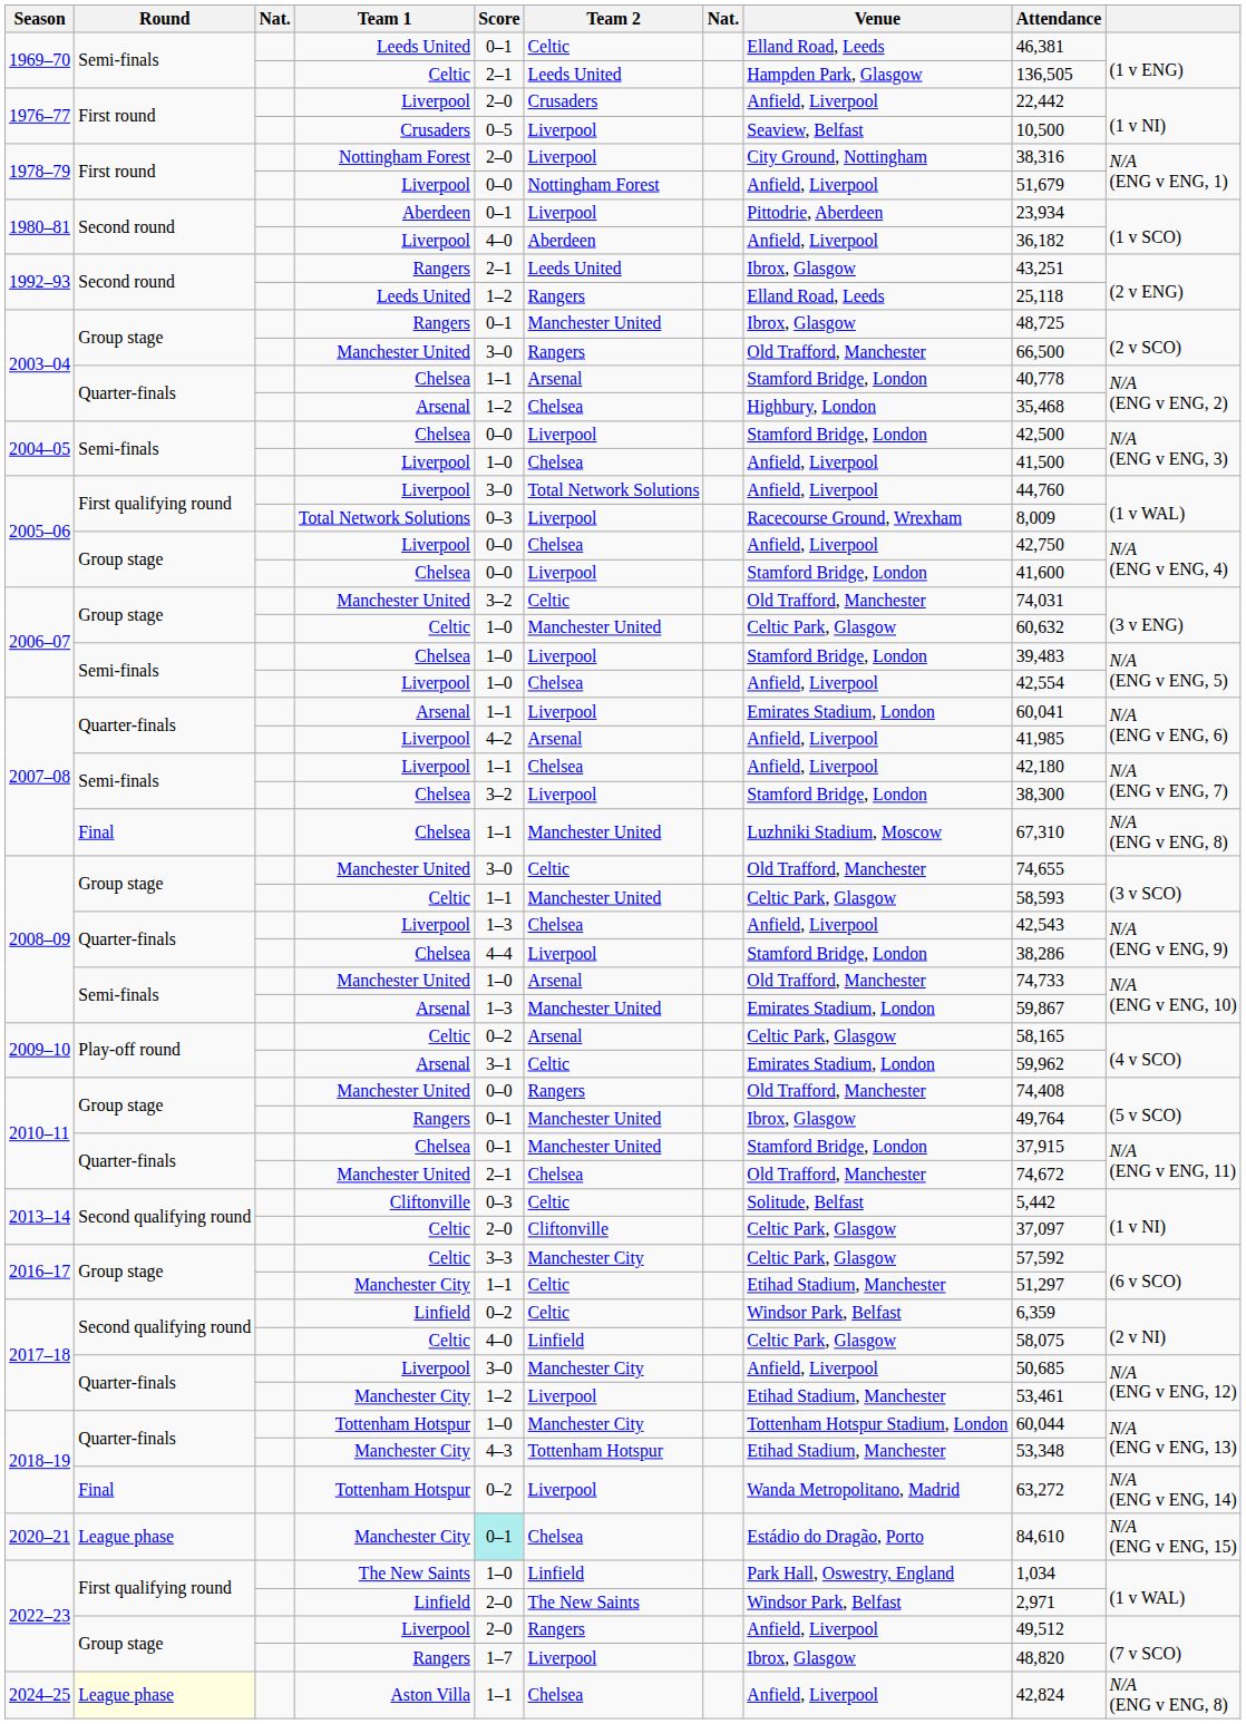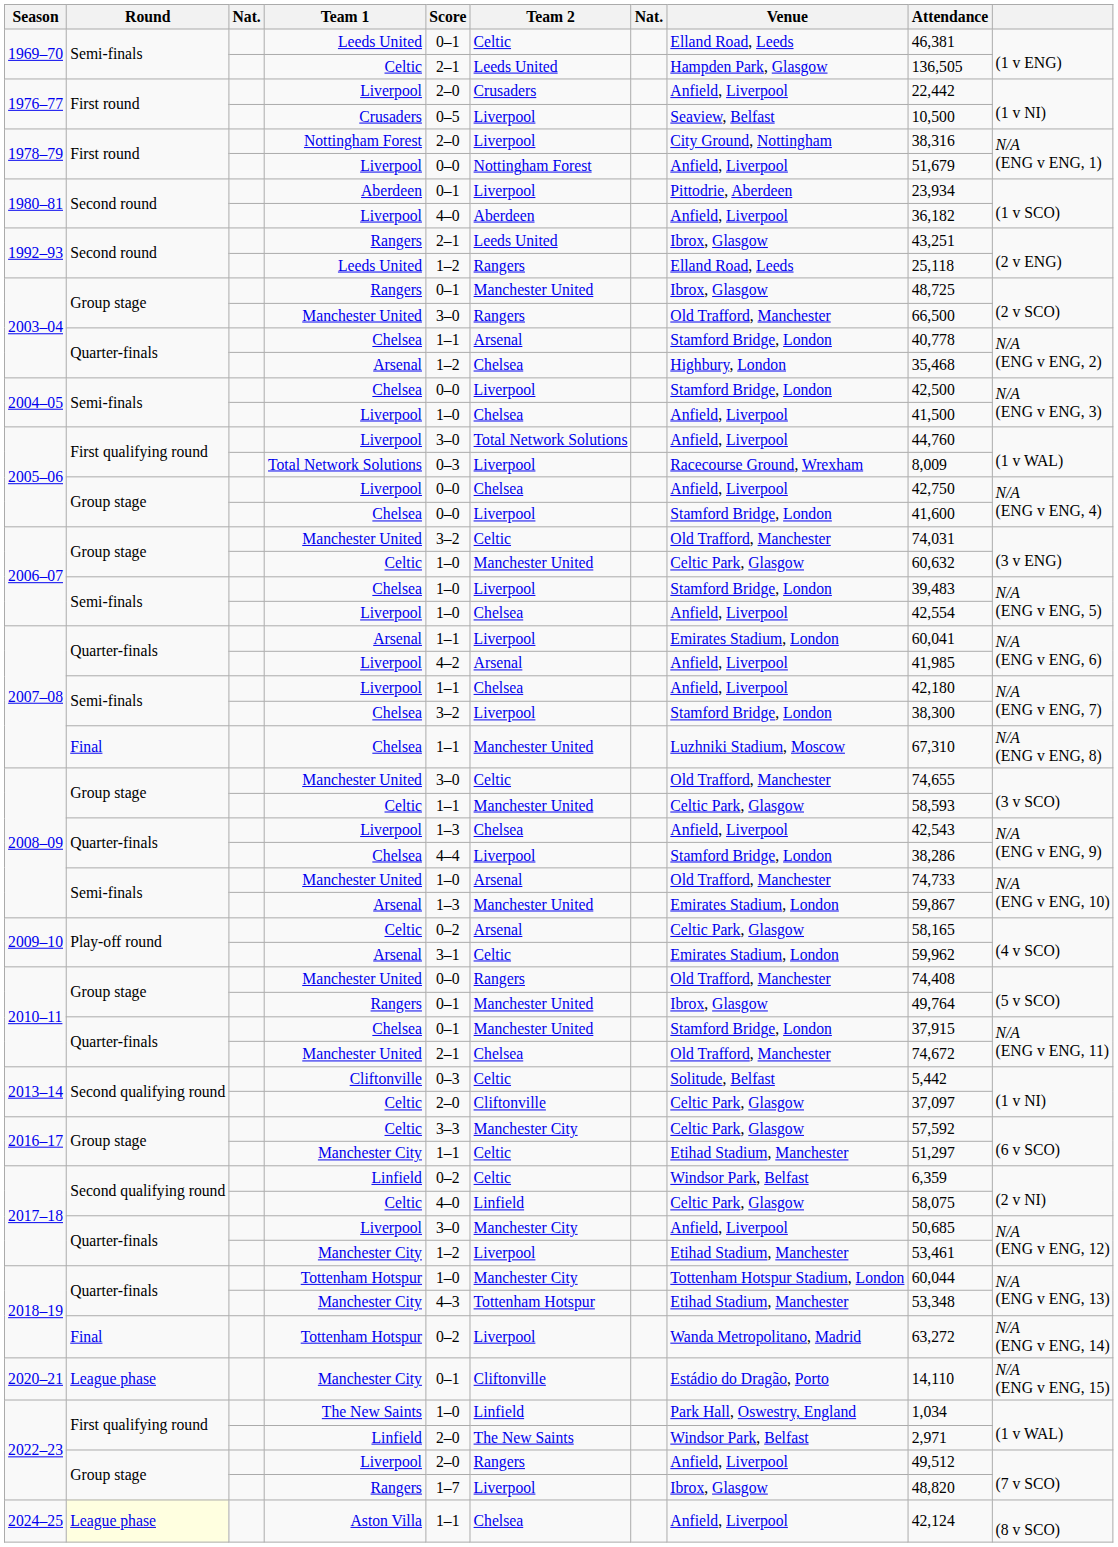 <table class="wikitable sortable">
 <tr>
 <th>Season</th>
 <th>Round</th>
 <th>Nat.</th>
 <th>Team 1</th>
 <th>Score</th>
 <th>Team 2</th>
 <th>Nat.</th>
 <th>Venue</th>
 <th>Attendance</th>
 <th></th>
 </tr>
 <tr>
 <td rowspan=2><a href='#'>1969–70</a></td>
 <td rowspan=2>Semi-finals</td>
 <td align=center></td>
 <td align="right"><a href='#'>Leeds United</a></td>
 <td style="text-align:center;">0–1</td>
 <td><a href='#'>Celtic</a></td>
 <td align=center></td>
 <td><a href='#'>Elland Road</a>, <a href='#'>Leeds</a></td>
 <td>46,381</td>
 <td rowspan=2><br>(1 v ENG)</td>
 </tr>
 <tr>
 <td align=center></td>
 <td align="right"><a href='#'>Celtic</a></td>
 <td style="text-align:center;">2–1</td>
 <td><a href='#'>Leeds United</a></td>
 <td align=center></td>
 <td><a href='#'>Hampden Park</a>, <a href='#'>Glasgow</a></td>
 <td>136,505</td>
 </tr>
 <tr>
 <td rowspan=2><a href='#'>1976–77</a></td>
 <td rowspan=2>First round</td>
 <td align=center></td>
 <td align="right"><a href='#'>Liverpool</a></td>
 <td style="text-align:center;">2–0</td>
 <td><a href='#'>Crusaders</a></td>
 <td align=center></td>
 <td><a href='#'>Anfield</a>, <a href='#'>Liverpool</a></td>
 <td>22,442</td>
 <td rowspan=2><br>(1 v NI)</td>
 </tr>
 <tr>
 <td align=center></td>
 <td align="right"><a href='#'>Crusaders</a></td>
 <td style="text-align:center;">0–5</td>
 <td><a href='#'>Liverpool</a></td>
 <td align=center></td>
 <td><a href='#'>Seaview</a>, <a href='#'>Belfast</a></td>
 <td>10,500</td>
 </tr>
 <tr>
 <td rowspan=2><a href='#'>1978–79</a></td>
 <td rowspan=2>First round</td>
 <td align=center></td>
 <td align="right"><a href='#'>Nottingham Forest</a></td>
 <td style="text-align:center;">2–0</td>
 <td><a href='#'>Liverpool</a></td>
 <td align=center></td>
 <td><a href='#'>City Ground</a>, <a href='#'>Nottingham</a></td>
 <td>38,316</td>
 <td rowspan=2><em>N/A</em><br>(ENG v ENG, 1)</td>
 </tr>
 <tr>
 <td align=center></td>
 <td align="right"><a href='#'>Liverpool</a></td>
 <td style="text-align:center;">0–0</td>
 <td><a href='#'>Nottingham Forest</a></td>
 <td align=center></td>
 <td><a href='#'>Anfield</a>, <a href='#'>Liverpool</a></td>
 <td>51,679</td>
 </tr>
 <tr>
 <td rowspan=2><a href='#'>1980–81</a></td>
 <td rowspan=2>Second round</td>
 <td align=center></td>
 <td align="right"><a href='#'>Aberdeen</a></td>
 <td style="text-align:center;">0–1</td>
 <td><a href='#'>Liverpool</a></td>
 <td align=center></td>
 <td><a href='#'>Pittodrie</a>, <a href='#'>Aberdeen</a></td>
 <td>23,934</td>
 <td rowspan=2><br>(1 v SCO)</td>
 </tr>
 <tr>
 <td align=center></td>
 <td align="right"><a href='#'>Liverpool</a></td>
 <td style="text-align:center;">4–0</td>
 <td><a href='#'>Aberdeen</a></td>
 <td align=center></td>
 <td><a href='#'>Anfield</a>, <a href='#'>Liverpool</a></td>
 <td>36,182</td>
 </tr>
 <tr>
 <td rowspan=2><a href='#'>1992–93</a></td>
 <td rowspan=2>Second round</td>
 <td align=center></td>
 <td align="right"><a href='#'>Rangers</a></td>
 <td style="text-align:center;">2–1</td>
 <td><a href='#'>Leeds United</a></td>
 <td align=center></td>
 <td><a href='#'>Ibrox</a>, <a href='#'>Glasgow</a></td>
 <td>43,251</td>
 <td rowspan=2><br>(2 v ENG)</td>
 </tr>
 <tr>
 <td align=center></td>
 <td align="right"><a href='#'>Leeds United</a></td>
 <td style="text-align:center;">1–2</td>
 <td><a href='#'>Rangers</a></td>
 <td align=center></td>
 <td><a href='#'>Elland Road</a>, <a href='#'>Leeds</a></td>
 <td>25,118</td>
 </tr>
 <tr>
 <td rowspan=4><a href='#'>2003–04</a></td>
 <td rowspan=2>Group stage</td>
 <td align=center></td>
 <td align="right"><a href='#'>Rangers</a></td>
 <td style="text-align:center;">0–1</td>
 <td><a href='#'>Manchester United</a></td>
 <td align=center></td>
 <td><a href='#'>Ibrox</a>, <a href='#'>Glasgow</a></td>
 <td>48,725</td>
 <td rowspan=2><br>(2 v SCO)</td>
 </tr>
 <tr>
 <td align=center></td>
 <td align="right"><a href='#'>Manchester United</a></td>
 <td style="text-align:center;">3–0</td>
 <td><a href='#'>Rangers</a></td>
 <td align=center></td>
 <td><a href='#'>Old Trafford</a>, <a href='#'>Manchester</a></td>
 <td>66,500</td>
 </tr>
 <tr>
 <td rowspan=2>Quarter-finals</td>
 <td align=center></td>
 <td align="right"><a href='#'>Chelsea</a></td>
 <td style="text-align:center;">1–1</td>
 <td><a href='#'>Arsenal</a></td>
 <td align=center></td>
 <td><a href='#'>Stamford Bridge</a>, <a href='#'>London</a></td>
 <td>40,778</td>
 <td rowspan=2><em>N/A</em><br>(ENG v ENG, 2)</td>
 </tr>
 <tr>
 <td align=center></td>
 <td align="right"><a href='#'>Arsenal</a></td>
 <td style="text-align:center;">1–2</td>
 <td><a href='#'>Chelsea</a></td>
 <td align=center></td>
 <td><a href='#'>Highbury</a>, <a href='#'>London</a></td>
 <td>35,468</td>
 </tr>
 <tr>
 <td rowspan=2><a href='#'>2004–05</a></td>
 <td rowspan=2>Semi-finals</td>
 <td align=center></td>
 <td align="right"><a href='#'>Chelsea</a></td>
 <td style="text-align:center;">0–0</td>
 <td><a href='#'>Liverpool</a></td>
 <td align=center></td>
 <td><a href='#'>Stamford Bridge</a>, <a href='#'>London</a></td>
 <td>42,500</td>
 <td rowspan=2><em>N/A</em><br>(ENG v ENG, 3)</td>
 </tr>
 <tr>
 <td align=center></td>
 <td align="right"><a href='#'>Liverpool</a></td>
 <td style="text-align:center;">1–0</td>
 <td><a href='#'>Chelsea</a></td>
 <td align=center></td>
 <td><a href='#'>Anfield</a>, <a href='#'>Liverpool</a></td>
 <td>41,500</td>
 </tr>
 <tr>
 <td rowspan=4><a href='#'>2005–06</a></td>
 <td rowspan=2>First qualifying round</td>
 <td align=center></td>
 <td align="right"><a href='#'>Liverpool</a></td>
 <td style="text-align:center;">3–0</td>
 <td><a href='#'>Total Network Solutions</a></td>
 <td align=center></td>
 <td><a href='#'>Anfield</a>, <a href='#'>Liverpool</a></td>
 <td>44,760</td>
 <td rowspan=2><br>(1 v WAL)</td>
 </tr>
 <tr>
 <td align=center></td>
 <td align="right"><a href='#'>Total Network Solutions</a></td>
 <td style="text-align:center;">0–3</td>
 <td><a href='#'>Liverpool</a></td>
 <td align=center></td>
 <td><a href='#'>Racecourse Ground</a>, <a href='#'>Wrexham</a></td>
 <td>8,009</td>
 </tr>
 <tr>
 <td rowspan=2>Group stage</td>
 <td align=center></td>
 <td align="right"><a href='#'>Liverpool</a></td>
 <td style="text-align:center;">0–0</td>
 <td><a href='#'>Chelsea</a></td>
 <td align=center></td>
 <td><a href='#'>Anfield</a>, <a href='#'>Liverpool</a></td>
 <td>42,750</td>
 <td rowspan=2><em>N/A</em><br>(ENG v ENG, 4)</td>
 </tr>
 <tr>
 <td align=center></td>
 <td align="right"><a href='#'>Chelsea</a></td>
 <td style="text-align:center;">0–0</td>
 <td><a href='#'>Liverpool</a></td>
 <td align=center></td>
 <td><a href='#'>Stamford Bridge</a>, <a href='#'>London</a></td>
 <td>41,600</td>
 </tr>
 <tr>
 <td rowspan=4><a href='#'>2006–07</a></td>
 <td rowspan=2>Group stage</td>
 <td align=center></td>
 <td align="right"><a href='#'>Manchester United</a></td>
 <td style="text-align:center;">3–2</td>
 <td><a href='#'>Celtic</a></td>
 <td align=center></td>
 <td><a href='#'>Old Trafford</a>, <a href='#'>Manchester</a></td>
 <td>74,031</td>
 <td rowspan=2><br>(3 v ENG)</td>
 </tr>
 <tr>
 <td align=center></td>
 <td align="right"><a href='#'>Celtic</a></td>
 <td style="text-align:center;">1–0</td>
 <td><a href='#'>Manchester United</a></td>
 <td align=center></td>
 <td><a href='#'>Celtic Park</a>, <a href='#'>Glasgow</a></td>
 <td>60,632</td>
 </tr>
 <tr>
 <td rowspan=2>Semi-finals</td>
 <td align=center></td>
 <td align="right"><a href='#'>Chelsea</a></td>
 <td style="text-align:center;">1–0</td>
 <td><a href='#'>Liverpool</a></td>
 <td align=center></td>
 <td><a href='#'>Stamford Bridge</a>, <a href='#'>London</a></td>
 <td>39,483</td>
 <td rowspan=2><em>N/A</em><br>(ENG v ENG, 5)</td>
 </tr>
 <tr>
 <td align=center></td>
 <td align="right"><a href='#'>Liverpool</a></td>
 <td style="text-align:center;">1–0<br><small></small></td>
 <td><a href='#'>Chelsea</a></td>
 <td align=center></td>
 <td><a href='#'>Anfield</a>, <a href='#'>Liverpool</a></td>
 <td>42,554</td>
 </tr>
 <tr>
 <td rowspan=5><a href='#'>2007–08</a></td>
 <td rowspan=2>Quarter-finals</td>
 <td align=center></td>
 <td align="right"><a href='#'>Arsenal</a></td>
 <td style="text-align:center;">1–1</td>
 <td><a href='#'>Liverpool</a></td>
 <td align=center></td>
 <td><a href='#'>Emirates Stadium</a>, <a href='#'>London</a></td>
 <td>60,041</td>
 <td rowspan=2><em>N/A</em><br>(ENG v ENG, 6)</td>
 </tr>
 <tr>
 <td align=center></td>
 <td align="right"><a href='#'>Liverpool</a></td>
 <td style="text-align:center;">4–2</td>
 <td><a href='#'>Arsenal</a></td>
 <td align=center></td>
 <td><a href='#'>Anfield</a>, <a href='#'>Liverpool</a></td>
 <td>41,985</td>
 </tr>
 <tr>
 <td rowspan=2>Semi-finals</td>
 <td align=center></td>
 <td align="right"><a href='#'>Liverpool</a></td>
 <td style="text-align:center;">1–1</td>
 <td><a href='#'>Chelsea</a></td>
 <td align=center></td>
 <td><a href='#'>Anfield</a>, <a href='#'>Liverpool</a></td>
 <td>42,180</td>
 <td rowspan=2><em>N/A</em><br>(ENG v ENG, 7)</td>
 </tr>
 <tr>
 <td align=center></td>
 <td align="right"><a href='#'>Chelsea</a></td>
 <td style="text-align:center;">3–2</td>
 <td><a href='#'>Liverpool</a></td>
 <td align=center></td>
 <td><a href='#'>Stamford Bridge</a>, <a href='#'>London</a></td>
 <td>38,300</td>
 </tr>
 <tr>
 <td><a href='#'>Final</a></td>
 <td align=center></td>
 <td align="right"><a href='#'>Chelsea</a></td>
 <td style="text-align:center;">1–1<br><small></small></td>
 <td><a href='#'>Manchester United</a></td>
 <td align=center></td>
 <td><a href='#'>Luzhniki Stadium</a>, <a href='#'>Moscow</a></td>
 <td>67,310</td>
 <td><em>N/A</em><br>(ENG v ENG, 8)</td>
 </tr>
 <tr>
 <td rowspan=6><a href='#'>2008–09</a></td>
 <td rowspan=2>Group stage</td>
 <td align=center></td>
 <td align="right"><a href='#'>Manchester United</a></td>
 <td style="text-align:center;">3–0</td>
 <td><a href='#'>Celtic</a></td>
 <td align=center></td>
 <td><a href='#'>Old Trafford</a>, <a href='#'>Manchester</a></td>
 <td>74,655</td>
 <td rowspan=2><br>(3 v SCO)</td>
 </tr>
 <tr>
 <td align=center></td>
 <td align="right"><a href='#'>Celtic</a></td>
 <td style="text-align:center;">1–1</td>
 <td><a href='#'>Manchester United</a></td>
 <td align=center></td>
 <td><a href='#'>Celtic Park</a>, <a href='#'>Glasgow</a></td>
 <td>58,593</td>
 </tr>
 <tr>
 <td rowspan=2>Quarter-finals</td>
 <td align=center></td>
 <td align="right"><a href='#'>Liverpool</a></td>
 <td style="text-align:center;">1–3</td>
 <td><a href='#'>Chelsea</a></td>
 <td align=center></td>
 <td><a href='#'>Anfield</a>, <a href='#'>Liverpool</a></td>
 <td>42,543</td>
 <td rowspan=2><em>N/A</em><br>(ENG v ENG, 9)</td>
 </tr>
 <tr>
 <td align=center></td>
 <td align="right"><a href='#'>Chelsea</a></td>
 <td style="text-align:center;">4–4</td>
 <td><a href='#'>Liverpool</a></td>
 <td align=center></td>
 <td><a href='#'>Stamford Bridge</a>, <a href='#'>London</a></td>
 <td>38,286</td>
 </tr>
 <tr>
 <td rowspan=2>Semi-finals</td>
 <td align=center></td>
 <td align="right"><a href='#'>Manchester United</a></td>
 <td style="text-align:center;">1–0</td>
 <td><a href='#'>Arsenal</a></td>
 <td align=center></td>
 <td><a href='#'>Old Trafford</a>, <a href='#'>Manchester</a></td>
 <td>74,733</td>
 <td rowspan=2><em>N/A</em><br>(ENG v ENG, 10)</td>
 </tr>
 <tr>
 <td align=center></td>
 <td align="right"><a href='#'>Arsenal</a></td>
 <td style="text-align:center;">1–3</td>
 <td><a href='#'>Manchester United</a></td>
 <td align=center></td>
 <td><a href='#'>Emirates Stadium</a>, <a href='#'>London</a></td>
 <td>59,867</td>
 </tr>
 <tr>
 <td rowspan=2><a href='#'>2009–10</a></td>
 <td rowspan=2>Play-off round</td>
 <td align=center></td>
 <td align="right"><a href='#'>Celtic</a></td>
 <td style="text-align:center;">0–2</td>
 <td><a href='#'>Arsenal</a></td>
 <td align=center></td>
 <td><a href='#'>Celtic Park</a>, <a href='#'>Glasgow</a></td>
 <td>58,165</td>
 <td rowspan=2><br>(4 v SCO)</td>
 </tr>
 <tr>
 <td align=center></td>
 <td align="right"><a href='#'>Arsenal</a></td>
 <td style="text-align:center;">3–1</td>
 <td><a href='#'>Celtic</a></td>
 <td align=center></td>
 <td><a href='#'>Emirates Stadium</a>, <a href='#'>London</a></td>
 <td>59,962</td>
 </tr>
 <tr>
 <td rowspan=4><a href='#'>2010–11</a></td>
 <td rowspan=2>Group stage</td>
 <td align=center></td>
 <td align="right"><a href='#'>Manchester United</a></td>
 <td style="text-align:center;">0–0</td>
 <td><a href='#'>Rangers</a></td>
 <td align=center></td>
 <td><a href='#'>Old Trafford</a>, <a href='#'>Manchester</a></td>
 <td>74,408</td>
 <td rowspan=2><br>(5 v SCO)</td>
 </tr>
 <tr>
 <td align=center></td>
 <td align="right"><a href='#'>Rangers</a></td>
 <td style="text-align:center;">0–1</td>
 <td><a href='#'>Manchester United</a></td>
 <td align=center></td>
 <td><a href='#'>Ibrox</a>, <a href='#'>Glasgow</a></td>
 <td>49,764</td>
 </tr>
 <tr>
 <td rowspan=2>Quarter-finals</td>
 <td align=center></td>
 <td align="right"><a href='#'>Chelsea</a></td>
 <td style="text-align:center;">0–1</td>
 <td><a href='#'>Manchester United</a></td>
 <td align=center></td>
 <td><a href='#'>Stamford Bridge</a>, <a href='#'>London</a></td>
 <td>37,915</td>
 <td rowspan=2><em>N/A</em><br>(ENG v ENG, 11)</td>
 </tr>
 <tr>
 <td align=center></td>
 <td align="right"><a href='#'>Manchester United</a></td>
 <td style="text-align:center;">2–1</td>
 <td><a href='#'>Chelsea</a></td>
 <td align=center></td>
 <td><a href='#'>Old Trafford</a>, <a href='#'>Manchester</a></td>
 <td>74,672</td>
 </tr>
 <tr>
 <td rowspan=2><a href='#'>2013–14</a></td>
 <td rowspan=2>Second qualifying round</td>
 <td align=center></td>
 <td align="right"><a href='#'>Cliftonville</a></td>
 <td style="text-align:center;">0–3</td>
 <td><a href='#'>Celtic</a></td>
 <td align=center></td>
 <td><a href='#'>Solitude</a>, <a href='#'>Belfast</a></td>
 <td>5,442</td>
 <td rowspan=2> <br>(1 v NI)</td>
 </tr>
 <tr>
 <td align=center></td>
 <td align="right"><a href='#'>Celtic</a></td>
 <td style="text-align:center;">2–0</td>
 <td><a href='#'>Cliftonville</a></td>
 <td align=center></td>
 <td><a href='#'>Celtic Park</a>, <a href='#'>Glasgow</a></td>
 <td>37,097</td>
 </tr>
 <tr>
 <td rowspan=2><a href='#'>2016–17</a></td>
 <td rowspan=2>Group stage</td>
 <td align=center></td>
 <td align="right"><a href='#'>Celtic</a></td>
 <td style="text-align:center;">3–3</td>
 <td><a href='#'>Manchester City</a></td>
 <td align=center></td>
 <td><a href='#'>Celtic Park</a>, <a href='#'>Glasgow</a></td>
 <td>57,592</td>
 <td rowspan=2><br>(6 v SCO)</td>
 </tr>
 <tr>
 <td align=center></td>
 <td align="right"><a href='#'>Manchester City</a></td>
 <td style="text-align:center;">1–1</td>
 <td><a href='#'>Celtic</a></td>
 <td align=center></td>
 <td><a href='#'>Etihad Stadium</a>, <a href='#'>Manchester</a></td>
 <td>51,297</td>
 </tr>
 <tr>
 <td rowspan=4><a href='#'>2017–18</a></td>
 <td rowspan=2>Second qualifying round</td>
 <td align=center></td>
 <td align="right"><a href='#'>Linfield</a></td>
 <td style="text-align:center;">0–2</td>
 <td><a href='#'>Celtic</a></td>
 <td align=center></td>
 <td><a href='#'>Windsor Park</a>, <a href='#'>Belfast</a></td>
 <td>6,359</td>
 <td rowspan=2> <br>(2 v NI)</td>
 </tr>
 <tr>
 <td align=center></td>
 <td align="right"><a href='#'>Celtic</a></td>
 <td style="text-align:center;">4–0</td>
 <td><a href='#'>Linfield</a></td>
 <td align=center></td>
 <td><a href='#'>Celtic Park</a>, <a href='#'>Glasgow</a></td>
 <td>58,075</td>
 </tr>
 <tr>
 <td rowspan=2>Quarter-finals</td>
 <td align=center></td>
 <td align="right"><a href='#'>Liverpool</a></td>
 <td style="text-align:center;">3–0</td>
 <td><a href='#'>Manchester City</a></td>
 <td align=center></td>
 <td><a href='#'>Anfield</a>, <a href='#'>Liverpool</a></td>
 <td>50,685</td>
 <td rowspan=2><em>N/A</em><br>(ENG v ENG, 12)</td>
 </tr>
 <tr>
 <td align=center></td>
 <td align="right"><a href='#'>Manchester City</a></td>
 <td style="text-align:center;">1–2</td>
 <td><a href='#'>Liverpool</a></td>
 <td align=center></td>
 <td><a href='#'>Etihad Stadium</a>, <a href='#'>Manchester</a></td>
 <td>53,461</td>
 </tr>
 <tr>
 <td rowspan=3><a href='#'>2018–19</a></td>
 <td rowspan=2>Quarter-finals</td>
 <td align=center></td>
 <td align="right"><a href='#'>Tottenham Hotspur</a></td>
 <td style="text-align:center;">1–0</td>
 <td><a href='#'>Manchester City</a></td>
 <td align=center></td>
 <td><a href='#'>Tottenham Hotspur Stadium</a>, <a href='#'>London</a></td>
 <td>60,044</td>
 <td rowspan=2><em>N/A</em><br>(ENG v ENG, 13)</td>
 </tr>
 <tr>
 <td align=center></td>
 <td align="right"><a href='#'>Manchester City</a></td>
 <td style="text-align:center;">4–3</td>
 <td><a href='#'>Tottenham Hotspur</a></td>
 <td align=center></td>
 <td><a href='#'>Etihad Stadium</a>, <a href='#'>Manchester</a></td>
 <td>53,348</td>
 </tr>
 <tr>
 <td><a href='#'>Final</a></td>
 <td align=center></td>
 <td align="right"><a href='#'>Tottenham Hotspur</a></td>
 <td style="text-align:center;">0–2</td>
 <td><a href='#'>Liverpool</a></td>
 <td align=center></td>
 <td><a href='#'>Wanda Metropolitano</a>, <a href='#'>Madrid</a></td>
 <td>63,272</td>
 <td><em>N/A</em><br>(ENG v ENG, 14)</td>
 </tr>
 <tr>
 <td><a href='#'>2020–21</a></td>
 <td><a href='#'>League phase</a></td>
 <td align=center></td>
 <td align="right"><a href='#'>Manchester City</a></td>
-<td style="background: paleturquoise; text-align:center;">0–1</td>
-<td><a href='#'>Chelsea</a></td>
+<td style="text-align:center;">0–1</td>
+<td><a href='#'>Cliftonville</a></td>
 <td align=center></td>
 <td><a href='#'>Estádio do Dragão</a>, <a href='#'>Porto</a></td>
-<td>84,610</td>
+<td>14,110</td>
 <td><em>N/A</em><br>(ENG v ENG, 15)</td>
 </tr>
 <tr>
 <td rowspan=4><a href='#'>2022–23</a></td>
 <td rowspan=2>First qualifying round</td>
 <td align=center></td>
 <td align="right"><a href='#'>The New Saints</a></td>
 <td style="text-align:center;">1–0</td>
 <td><a href='#'>Linfield</a></td>
 <td align=center></td>
 <td><a href='#'>Park Hall</a>, <a href='#'>Oswestry, England</a></td>
 <td>1,034</td>
 <td rowspan=2><br>(1 v WAL)</td>
 </tr>
 <tr>
 <td align=center></td>
 <td align="right"><a href='#'>Linfield</a></td>
 <td style="text-align:center;">2–0 </td>
 <td><a href='#'>The New Saints</a></td>
 <td align=center></td>
 <td><a href='#'>Windsor Park</a>, <a href='#'>Belfast</a></td>
 <td>2,971</td>
 </tr>
 <tr>
 <td rowspan=2>Group stage</td>
 <td align=center></td>
 <td align="right"><a href='#'>Liverpool</a></td>
 <td style="text-align:center;">2–0</td>
 <td><a href='#'>Rangers</a></td>
 <td align=center></td>
 <td><a href='#'>Anfield</a>, <a href='#'>Liverpool</a></td>
 <td>49,512</td>
 <td rowspan=2><br>(7 v SCO)</td>
 </tr>
 <tr>
 <td align=center></td>
 <td align="right"><a href='#'>Rangers</a></td>
 <td style="text-align:center;">1–7</td>
 <td><a href='#'>Liverpool</a></td>
 <td align=center></td>
 <td><a href='#'>Ibrox</a>, <a href='#'>Glasgow</a></td>
 <td>48,820</td>
 </tr>
 <tr>
 <td><a href='#'>2024–25</a></td>
 <td style="background: lightyellow;"><a href='#'>League phase</a></td>
 <td align=center></td>
 <td align="right"><a href='#'>Aston Villa</a></td>
 <td style="text-align:center;">1–1</td>
 <td><a href='#'>Chelsea</a></td>
 <td align=center></td>
 <td><a href='#'>Anfield</a>, <a href='#'>Liverpool</a></td>
-<td>42,824</td>
-<td><em>N/A</em><br>(ENG v ENG, 8)</td>
+<td>42,124</td>
+<td><br>(8 v SCO)</td>
 </tr>
 </table>
